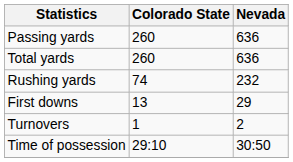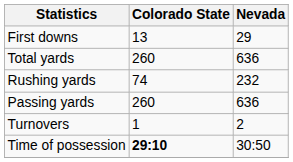 <table class="wikitable">
 <tr>
 <th>Statistics</th>
 <th>Colorado State</th>
 <th>Nevada</th>
 </tr>
 <tr>
-<td>Passing yards</td>
-<td>260</td>
-<td>636</td>
+<td>First downs</td>
+<td>13</td>
+<td>29</td>
 </tr>
 <tr>
 <td>Total yards</td>
 <td>260</td>
 <td>636</td>
 </tr>
 <tr>
 <td>Rushing yards</td>
 <td>74</td>
 <td>232</td>
 </tr>
 <tr>
-<td>First downs</td>
-<td>13</td>
-<td>29</td>
+<td>Passing yards</td>
+<td>260</td>
+<td>636</td>
 </tr>
 <tr>
 <td>Turnovers</td>
 <td>1</td>
 <td>2</td>
 </tr>
 <tr>
 <td>Time of possession</td>
-<td>29:10</td>
+<td><strong>29:10</strong></td>
 <td>30:50</td>
 </tr>
 <tr>
 </tr>
 </table>
